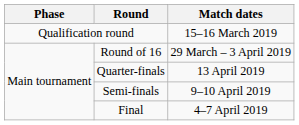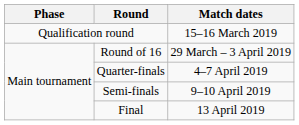 <table class="wikitable" style="text-align:center">
 <tr>
 <th>Phase</th>
 <th>Round</th>
 <th>Match dates</th>
 </tr>
 <tr>
 <td colspan=2>Qualification round</td>
 <td>15–16 March 2019</td>
 </tr>
 <tr>
 <td rowspan=4>Main tournament</td>
 <td>Round of 16</td>
 <td>29 March – 3 April 2019</td>
 </tr>
 <tr>
 <td>Quarter-finals</td>
-<td>13 April 2019</td>
+<td>4–7 April 2019</td>
 </tr>
 <tr>
 <td>Semi-finals</td>
 <td>9–10 April 2019</td>
 </tr>
 <tr>
 <td>Final</td>
-<td>4–7 April 2019</td>
+<td>13 April 2019</td>
 </tr>
 </table>
